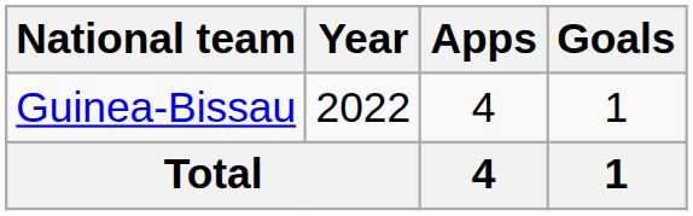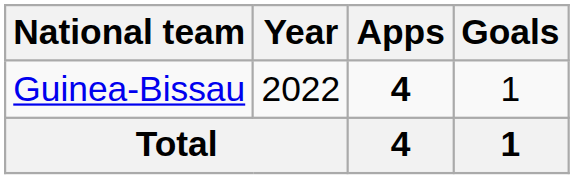 <table class=wikitable style=text-align:center>
 <tr>
 <th>National team</th>
 <th>Year</th>
 <th>Apps</th>
 <th>Goals</th>
 </tr>
 <tr>
 <td><a href='#'>Guinea-Bissau</a></td>
 <td>2022</td>
-<td>4</td>
+<td><strong>4</strong></td>
 <td>1</td>
 </tr>
 <tr>
 <th colspan=2>Total</th>
 <th>4</th>
 <th>1</th>
 </tr>
 </table>
